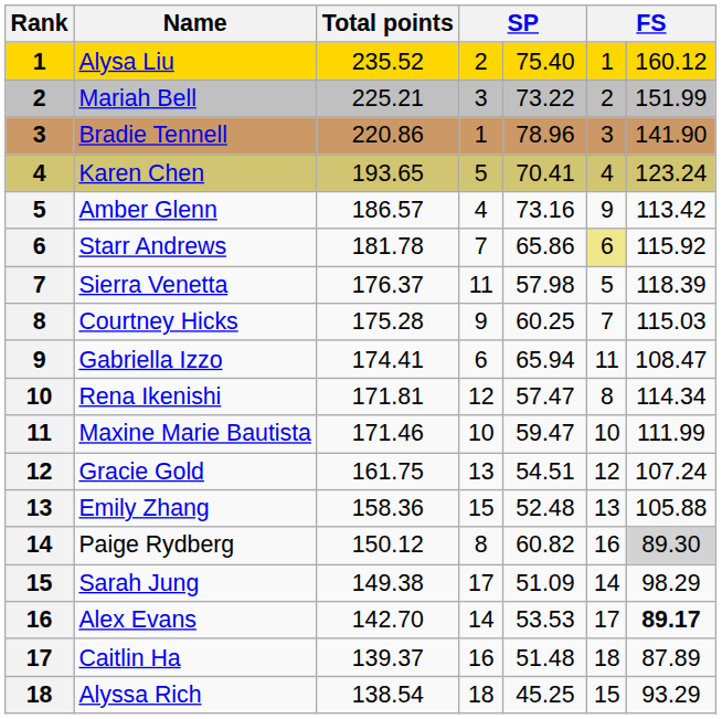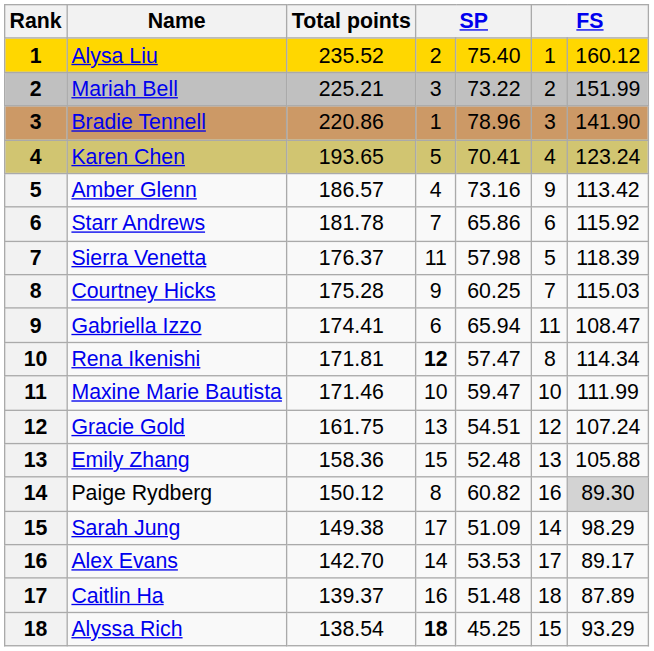 <table class="wikitable sortable">
 <tr>
 <th>Rank</th>
 <th>Name</th>
 <th>Total points</th>
 <th colspan="2" width="80px"><a href='#'>SP</a></th>
 <th colspan="2" width="80px"><a href='#'>FS</a></th>
 </tr>
 <tr bgcolor="gold">
 <td align="center"><strong>1</strong></td>
 <td><a href='#'>Alysa Liu</a></td>
 <td align="center">235.52</td>
 <td align="center">2</td>
 <td align="center">75.40</td>
 <td align="center">1</td>
 <td align="center">160.12</td>
 </tr>
 <tr bgcolor="silver">
 <td align="center"><strong>2</strong></td>
 <td><a href='#'>Mariah Bell</a></td>
 <td align="center">225.21</td>
 <td align="center">3</td>
 <td align="center">73.22</td>
 <td align="center">2</td>
 <td align="center">151.99</td>
 </tr>
 <tr bgcolor="cc9966">
 <td align="center"><strong>3</strong></td>
 <td><a href='#'>Bradie Tennell</a></td>
 <td align="center">220.86</td>
 <td align="center">1</td>
 <td align="center">78.96</td>
 <td align="center">3</td>
 <td align="center">141.90</td>
 </tr>
 <tr bgcolor="#d1c571">
 <td align="center"><strong>4</strong></td>
 <td><a href='#'>Karen Chen</a></td>
 <td align="center">193.65</td>
 <td align="center">5</td>
 <td align="center">70.41</td>
 <td align="center">4</td>
 <td align="center">123.24</td>
 </tr>
 <tr>
 <th>5</th>
 <td><a href='#'>Amber Glenn</a></td>
 <td align="center">186.57</td>
 <td align="center">4</td>
 <td align="center">73.16</td>
 <td align="center">9</td>
 <td align="center">113.42</td>
 </tr>
 <tr>
 <th>6</th>
 <td><a href='#'>Starr Andrews</a></td>
 <td align="center">181.78</td>
 <td align="center">7</td>
 <td align="center">65.86</td>
-<td align="center" style="background: khaki;">6</td>
+<td align="center">6</td>
 <td align="center">115.92</td>
 </tr>
 <tr>
 <th>7</th>
 <td><a href='#'>Sierra Venetta</a></td>
 <td align="center">176.37</td>
 <td align="center">11</td>
 <td align="center">57.98</td>
 <td align="center">5</td>
 <td align="center">118.39</td>
 </tr>
 <tr>
 <th>8</th>
 <td><a href='#'>Courtney Hicks</a></td>
 <td align="center">175.28</td>
 <td align="center">9</td>
 <td align="center">60.25</td>
 <td align="center">7</td>
 <td align="center">115.03</td>
 </tr>
 <tr>
 <th>9</th>
 <td><a href='#'>Gabriella Izzo</a></td>
 <td align="center">174.41</td>
 <td align="center">6</td>
 <td align="center">65.94</td>
 <td align="center">11</td>
 <td align="center">108.47</td>
 </tr>
 <tr>
 <th>10</th>
 <td><a href='#'>Rena Ikenishi</a></td>
 <td align="center">171.81</td>
-<td align="center">12</td>
+<td align="center"><strong>12</strong></td>
 <td align="center">57.47</td>
 <td align="center">8</td>
 <td align="center">114.34</td>
 </tr>
 <tr>
 <th>11</th>
 <td><a href='#'>Maxine Marie Bautista</a></td>
 <td align="center">171.46</td>
 <td align="center">10</td>
 <td align="center">59.47</td>
 <td align="center">10</td>
 <td align="center">111.99</td>
 </tr>
 <tr>
 <th>12</th>
 <td><a href='#'>Gracie Gold</a></td>
 <td align="center">161.75</td>
 <td align="center">13</td>
 <td align="center">54.51</td>
 <td align="center">12</td>
 <td align="center">107.24</td>
 </tr>
 <tr>
 <th>13</th>
 <td><a href='#'>Emily Zhang</a></td>
 <td align="center">158.36</td>
 <td align="center">15</td>
 <td align="center">52.48</td>
 <td align="center">13</td>
 <td align="center">105.88</td>
 </tr>
 <tr>
 <th>14</th>
 <td>Paige Rydberg</td>
 <td align="center">150.12</td>
 <td align="center">8</td>
 <td align="center">60.82</td>
 <td align="center">16</td>
 <td align="center" style="background: lightgrey;">89.30</td>
 </tr>
 <tr>
 <th>15</th>
 <td><a href='#'>Sarah Jung</a></td>
 <td align="center">149.38</td>
 <td align="center">17</td>
 <td align="center">51.09</td>
 <td align="center">14</td>
 <td align="center">98.29</td>
 </tr>
 <tr>
 <th>16</th>
 <td><a href='#'>Alex Evans</a></td>
 <td align="center">142.70</td>
 <td align="center">14</td>
 <td align="center">53.53</td>
 <td align="center">17</td>
-<td align="center"><strong>89.17</strong></td>
+<td align="center">89.17</td>
 </tr>
 <tr>
 <th>17</th>
 <td><a href='#'>Caitlin Ha</a></td>
 <td align="center">139.37</td>
 <td align="center">16</td>
 <td align="center">51.48</td>
 <td align="center">18</td>
 <td align="center">87.89</td>
 </tr>
 <tr>
 <th>18</th>
 <td><a href='#'>Alyssa Rich</a></td>
 <td align="center">138.54</td>
-<td align="center">18</td>
+<td align="center"><strong>18</strong></td>
 <td align="center">45.25</td>
 <td align="center">15</td>
 <td align="center">93.29</td>
 </tr>
 </table>
